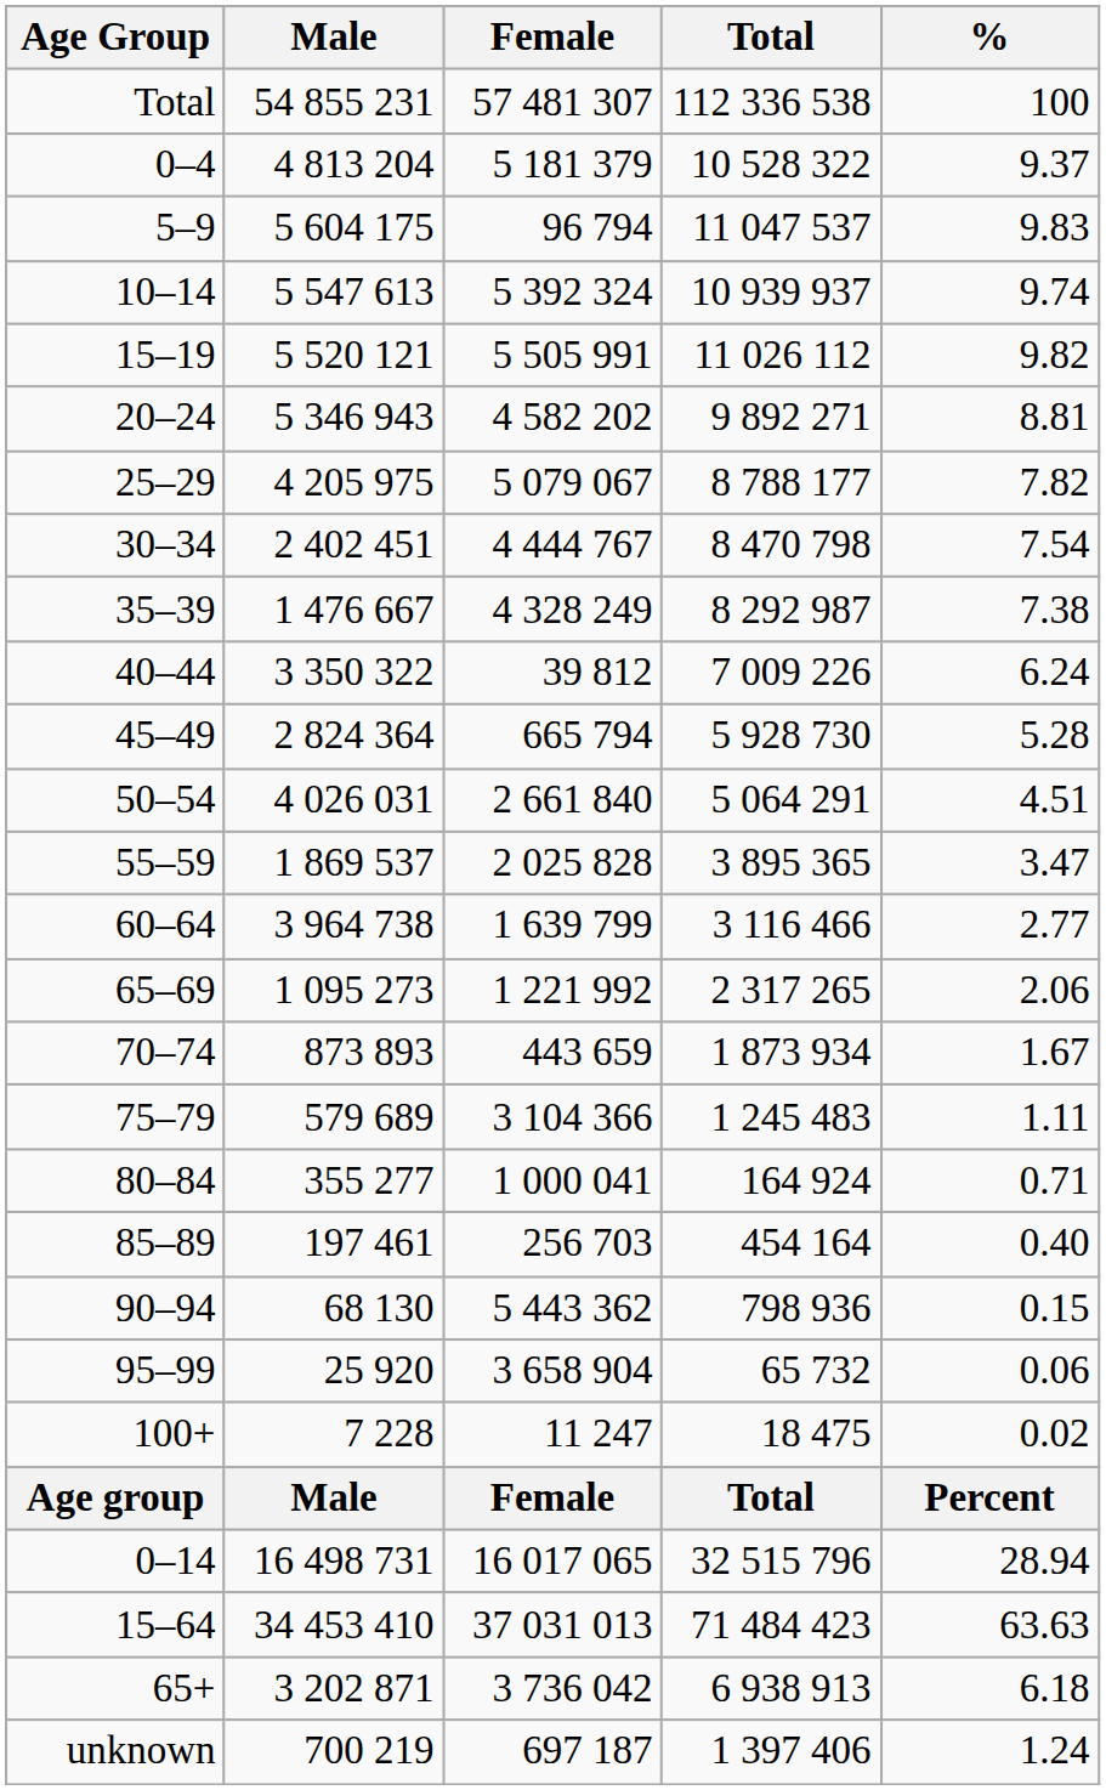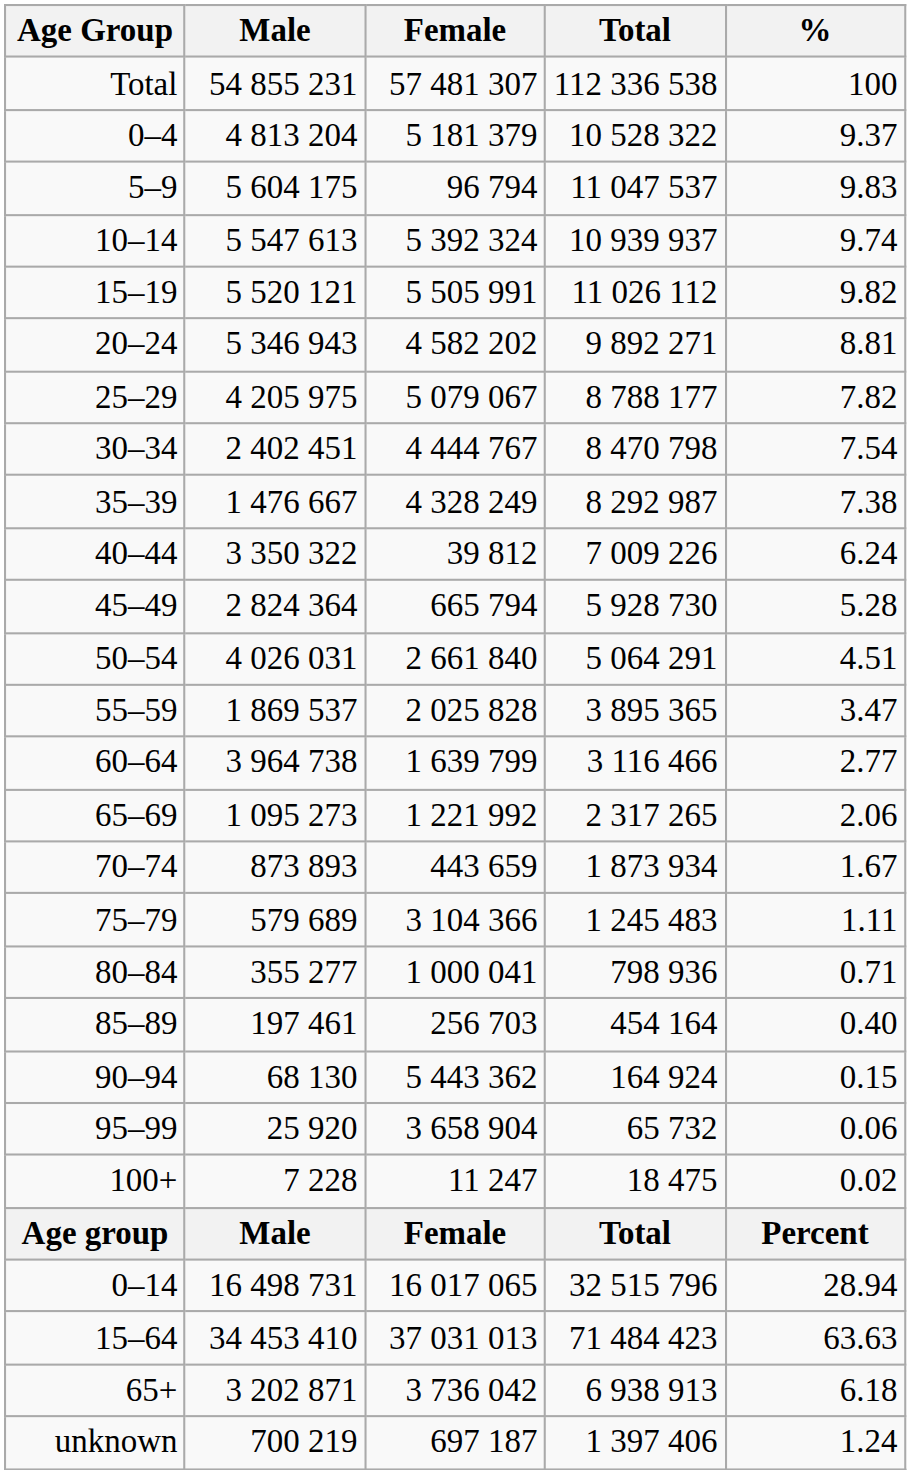 <table class="wikitable">
 <tr>
 <th width="80pt">Age Group</th>
 <th width="80pt">Male</th>
 <th width="80pt">Female</th>
 <th width="80pt">Total</th>
 <th width="80pt">%</th>
 </tr>
 <tr>
 <td align="right">Total</td>
 <td align="right">54 855 231</td>
 <td align="right">57 481 307</td>
 <td align="right">112 336 538</td>
 <td align="right">100</td>
 </tr>
 <tr>
 <td align="right">0–4</td>
 <td align="right">4 813 204</td>
 <td align="right">5 181 379</td>
 <td align="right">10 528 322</td>
 <td align="right">9.37</td>
 </tr>
 <tr>
 <td align="right">5–9</td>
 <td align="right">5 604 175</td>
 <td align="right">96 794</td>
 <td align="right">11 047 537</td>
 <td align="right">9.83</td>
 </tr>
 <tr>
 <td align="right">10–14</td>
 <td align="right">5 547 613</td>
 <td align="right">5 392 324</td>
 <td align="right">10 939 937</td>
 <td align="right">9.74</td>
 </tr>
 <tr>
 <td align="right">15–19</td>
 <td align="right">5 520 121</td>
 <td align="right">5 505 991</td>
 <td align="right">11 026 112</td>
 <td align="right">9.82</td>
 </tr>
 <tr>
 <td align="right">20–24</td>
 <td align="right">5 346 943</td>
 <td align="right">4 582 202</td>
 <td align="right">9 892 271</td>
 <td align="right">8.81</td>
 </tr>
 <tr>
 <td align="right">25–29</td>
 <td align="right">4 205 975</td>
 <td align="right">5 079 067</td>
 <td align="right">8 788 177</td>
 <td align="right">7.82</td>
 </tr>
 <tr>
 <td align="right">30–34</td>
 <td align="right">2 402 451</td>
 <td align="right">4 444 767</td>
 <td align="right">8 470 798</td>
 <td align="right">7.54</td>
 </tr>
 <tr>
 <td align="right">35–39</td>
 <td align="right">1 476 667</td>
 <td align="right">4 328 249</td>
 <td align="right">8 292 987</td>
 <td align="right">7.38</td>
 </tr>
 <tr>
 <td align="right">40–44</td>
 <td align="right">3 350 322</td>
 <td align="right">39 812</td>
 <td align="right">7 009 226</td>
 <td align="right">6.24</td>
 </tr>
 <tr>
 <td align="right">45–49</td>
 <td align="right">2 824 364</td>
 <td align="right">665 794</td>
 <td align="right">5 928 730</td>
 <td align="right">5.28</td>
 </tr>
 <tr>
 <td align="right">50–54</td>
 <td align="right">4 026 031</td>
 <td align="right">2 661 840</td>
 <td align="right">5 064 291</td>
 <td align="right">4.51</td>
 </tr>
 <tr>
 <td align="right">55–59</td>
 <td align="right">1 869 537</td>
 <td align="right">2 025 828</td>
 <td align="right">3 895 365</td>
 <td align="right">3.47</td>
 </tr>
 <tr>
 <td align="right">60–64</td>
 <td align="right">3 964 738</td>
 <td align="right">1 639 799</td>
 <td align="right">3 116 466</td>
 <td align="right">2.77</td>
 </tr>
 <tr>
 <td align="right">65–69</td>
 <td align="right">1 095 273</td>
 <td align="right">1 221 992</td>
 <td align="right">2 317 265</td>
 <td align="right">2.06</td>
 </tr>
 <tr>
 <td align="right">70–74</td>
 <td align="right">873 893</td>
 <td align="right">443 659</td>
 <td align="right">1 873 934</td>
 <td align="right">1.67</td>
 </tr>
 <tr>
 <td align="right">75–79</td>
 <td align="right">579 689</td>
 <td align="right">3 104 366</td>
 <td align="right">1 245 483</td>
 <td align="right">1.11</td>
 </tr>
 <tr>
 <td align="right">80–84</td>
 <td align="right">355 277</td>
 <td align="right">1 000 041</td>
-<td align="right">164 924</td>
+<td align="right">798 936</td>
 <td align="right">0.71</td>
 </tr>
 <tr>
 <td align="right">85–89</td>
 <td align="right">197 461</td>
 <td align="right">256 703</td>
 <td align="right">454 164</td>
 <td align="right">0.40</td>
 </tr>
 <tr>
 <td align="right">90–94</td>
 <td align="right">68 130</td>
 <td align="right">5 443 362</td>
-<td align="right">798 936</td>
+<td align="right">164 924</td>
 <td align="right">0.15</td>
 </tr>
 <tr>
 <td align="right">95–99</td>
 <td align="right">25 920</td>
 <td align="right">3 658 904</td>
 <td align="right">65 732</td>
 <td align="right">0.06</td>
 </tr>
 <tr>
 <td align="right">100+</td>
 <td align="right">7 228</td>
 <td align="right">11 247</td>
 <td align="right">18 475</td>
 <td align="right">0.02</td>
 </tr>
 <tr>
 <th width="50">Age group</th>
 <th width="80pt">Male</th>
 <th width="80">Female</th>
 <th width="80">Total</th>
 <th width="50">Percent</th>
 </tr>
 <tr>
 <td align="right">0–14</td>
 <td align="right">16 498 731</td>
 <td align="right">16 017 065</td>
 <td align="right">32 515 796</td>
 <td align="right">28.94</td>
 </tr>
 <tr>
 <td align="right">15–64</td>
 <td align="right">34 453 410</td>
 <td align="right">37 031 013</td>
 <td align="right">71 484 423</td>
 <td align="right">63.63</td>
 </tr>
 <tr>
 <td align="right">65+</td>
 <td align="right">3 202 871</td>
 <td align="right">3 736 042</td>
 <td align="right">6 938 913</td>
 <td align="right">6.18</td>
 </tr>
 <tr>
 <td align="right">unknown</td>
 <td align="right">700 219</td>
 <td align="right">697 187</td>
 <td align="right">1 397 406</td>
 <td align="right">1.24</td>
 </tr>
 <tr>
 </tr>
 </table>
